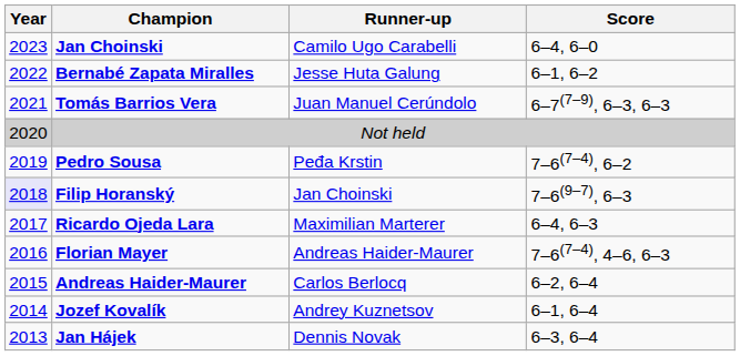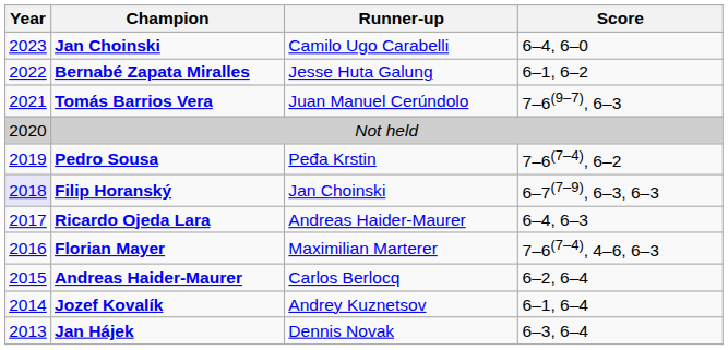 <table class="wikitable" style="font-size:90%">
 <tr>
 <th>Year</th>
 <th width="200">Champion</th>
 <th width="200">Runner-up</th>
 <th width="175">Score</th>
 </tr>
 <tr>
 <td><a href='#'>2023</a></td>
 <td> <strong><a href='#'>Jan Choinski</a></strong></td>
 <td> <a href='#'>Camilo Ugo Carabelli</a></td>
 <td>6–4, 6–0</td>
 </tr>
 <tr>
 <td><a href='#'>2022</a></td>
 <td> <strong><a href='#'>Bernabé Zapata Miralles</a></strong></td>
 <td> <a href='#'>Jesse Huta Galung</a></td>
 <td>6–1, 6–2</td>
 </tr>
 <tr>
 <td><a href='#'>2021</a></td>
 <td> <strong><a href='#'>Tomás Barrios Vera</a></strong></td>
 <td> <a href='#'>Juan Manuel Cerúndolo</a></td>
-<td>6–7<sup>(7–9)</sup>, 6–3, 6–3</td>
+<td>7–6<sup>(9–7)</sup>, 6–3</td>
 </tr>
 <tr>
 <td style="background:#cfcfcf">2020</td>
 <td colspan=3 align=center style="background:#cfcfcf"><em>Not held</em></td>
 </tr>
 <tr>
 <td><a href='#'>2019</a></td>
 <td> <strong><a href='#'>Pedro Sousa</a></strong></td>
 <td> <a href='#'>Peđa Krstin</a></td>
 <td>7–6<sup>(7–4)</sup>, 6–2</td>
 </tr>
 <tr>
 <td style="background: lavender;"><a href='#'>2018</a></td>
 <td> <strong><a href='#'>Filip Horanský</a></strong></td>
 <td> <a href='#'>Jan Choinski</a></td>
-<td>7–6<sup>(9–7)</sup>, 6–3</td>
+<td>6–7<sup>(7–9)</sup>, 6–3, 6–3</td>
 </tr>
 <tr>
 <td><a href='#'>2017</a></td>
 <td> <strong><a href='#'>Ricardo Ojeda Lara</a></strong></td>
-<td> <a href='#'>Maximilian Marterer</a></td>
+<td> <a href='#'>Andreas Haider-Maurer</a></td>
 <td>6–4, 6–3</td>
 </tr>
 <tr>
 <td><a href='#'>2016</a></td>
 <td> <strong><a href='#'>Florian Mayer</a></strong></td>
-<td> <a href='#'>Andreas Haider-Maurer</a></td>
+<td> <a href='#'>Maximilian Marterer</a></td>
 <td>7–6<sup>(7–4)</sup>, 4–6, 6–3</td>
 </tr>
 <tr>
 <td><a href='#'>2015</a></td>
 <td> <strong><a href='#'>Andreas Haider-Maurer</a></strong></td>
 <td> <a href='#'>Carlos Berlocq</a></td>
 <td>6–2, 6–4</td>
 </tr>
 <tr>
 <td><a href='#'>2014</a></td>
 <td> <strong><a href='#'>Jozef Kovalík</a></strong></td>
 <td> <a href='#'>Andrey Kuznetsov</a></td>
 <td>6–1, 6–4</td>
 </tr>
 <tr>
 <td><a href='#'>2013</a></td>
 <td> <strong><a href='#'>Jan Hájek</a></strong></td>
 <td> <a href='#'>Dennis Novak</a></td>
 <td>6–3, 6–4</td>
 </tr>
 </table>
